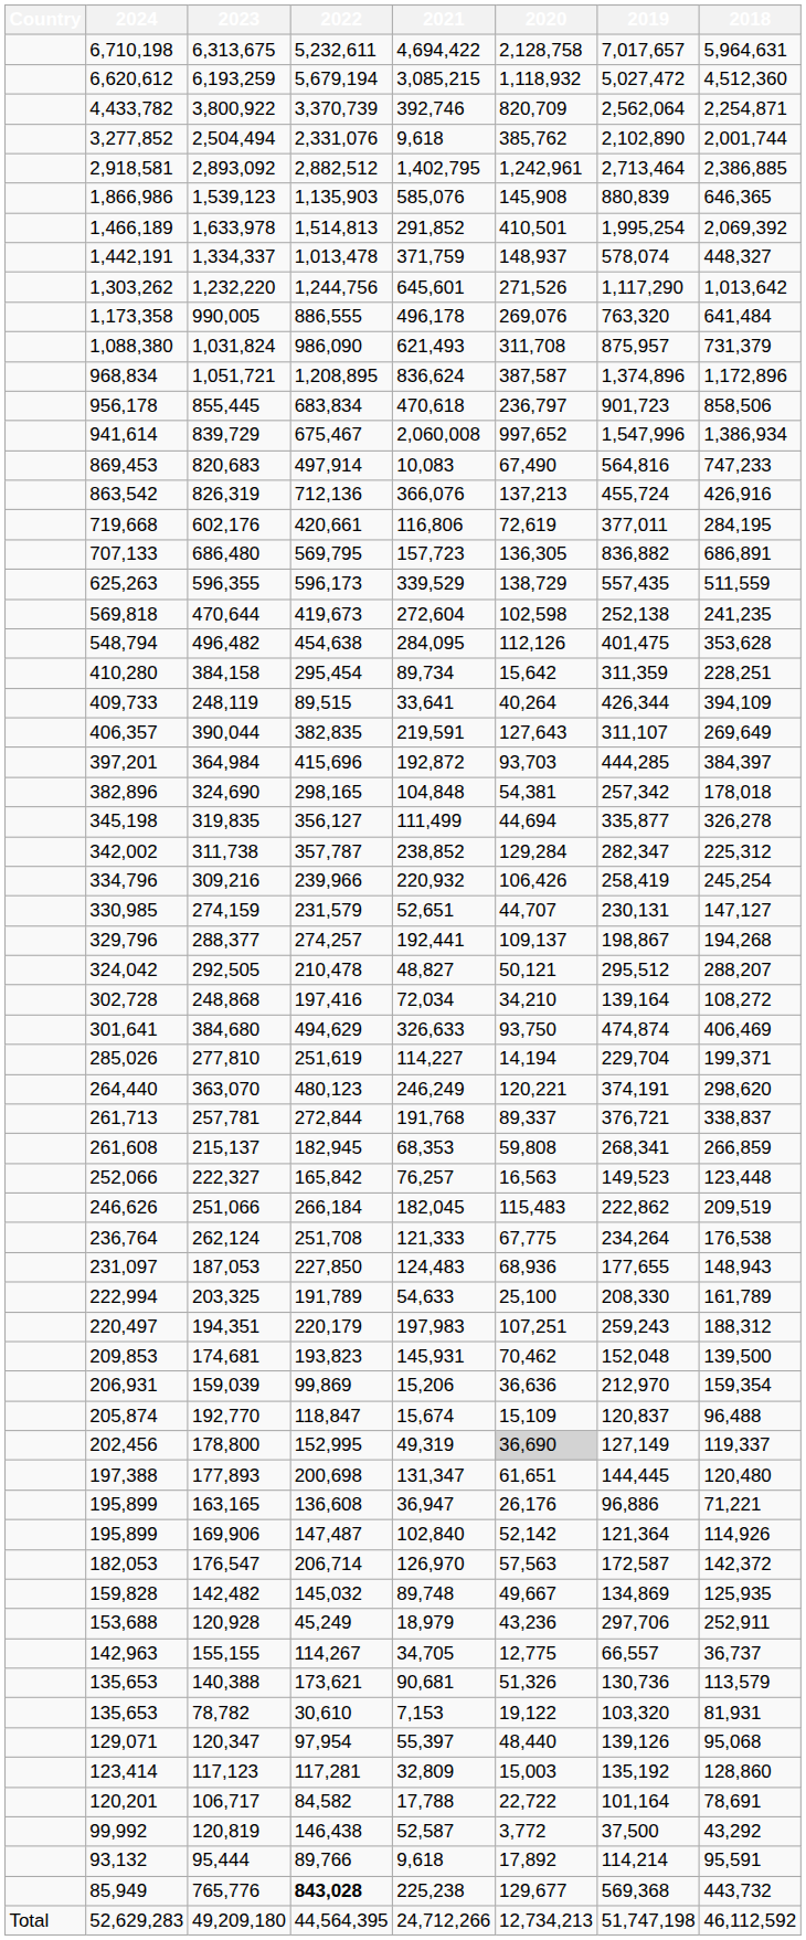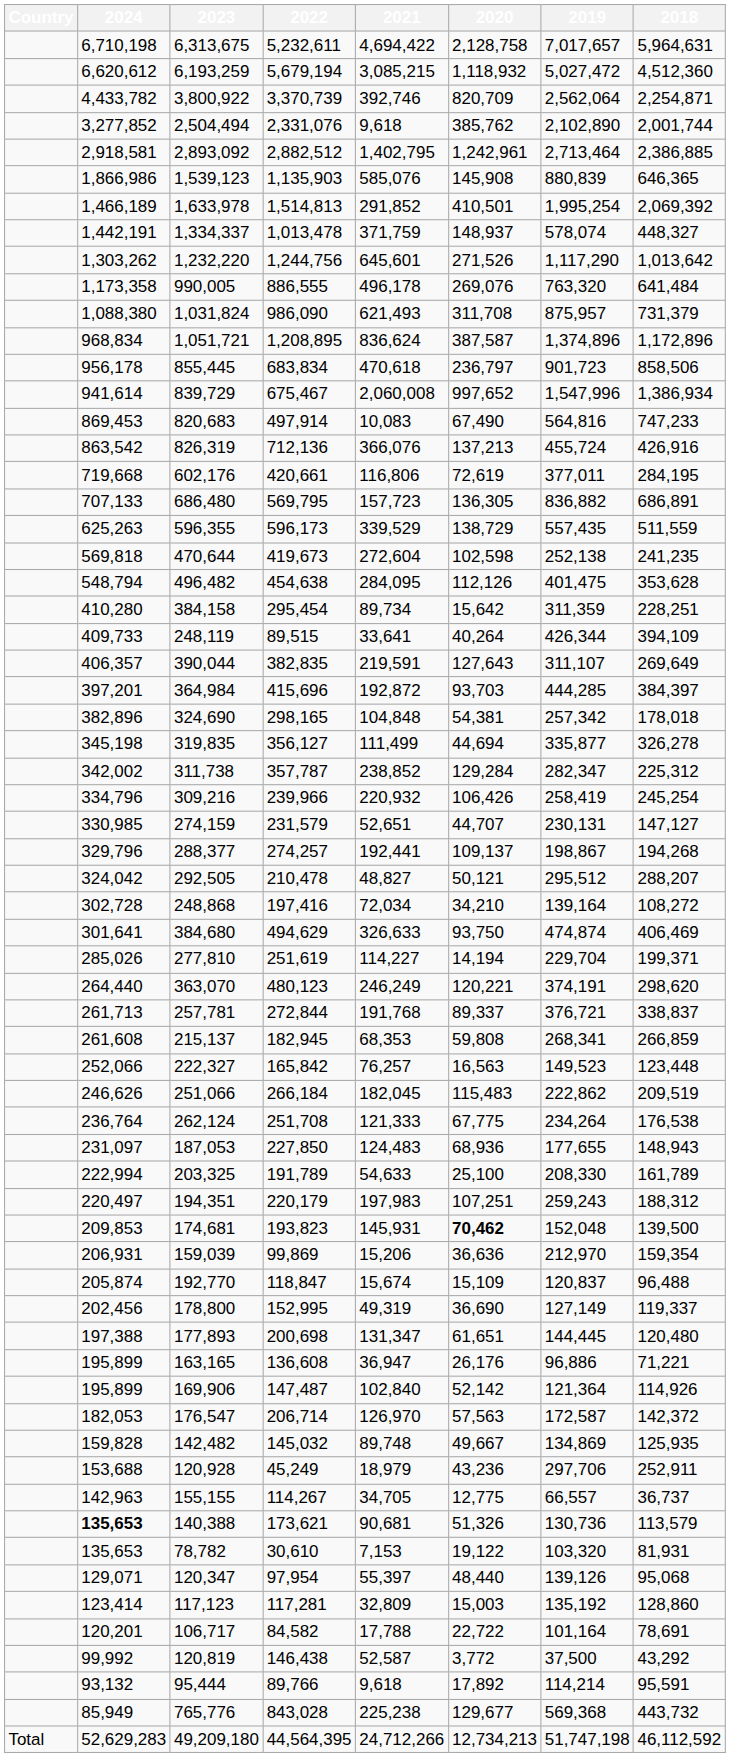 <table class="wikitable sortable">
 <tr style="color:white;">
 <th>Country</th>
 <th>2024</th>
 <th>2023</th>
 <th>2022</th>
 <th>2021</th>
 <th>2020</th>
 <th>2019</th>
 <th>2018</th>
 </tr>
 <tr>
 <td></td>
 <td>6,710,198</td>
 <td>6,313,675</td>
 <td>5,232,611</td>
 <td>4,694,422</td>
 <td>2,128,758</td>
 <td>7,017,657</td>
 <td>5,964,631</td>
 </tr>
 <tr>
 <td></td>
 <td>6,620,612</td>
 <td>6,193,259</td>
 <td>5,679,194</td>
 <td>3,085,215</td>
 <td>1,118,932</td>
 <td>5,027,472</td>
 <td>4,512,360</td>
 </tr>
 <tr>
 <td></td>
 <td>4,433,782</td>
 <td>3,800,922</td>
 <td>3,370,739</td>
 <td>392,746</td>
 <td>820,709</td>
 <td>2,562,064</td>
 <td>2,254,871</td>
 </tr>
 <tr>
 <td></td>
 <td>3,277,852</td>
 <td>2,504,494</td>
 <td>2,331,076</td>
 <td>9,618</td>
 <td>385,762</td>
 <td>2,102,890</td>
 <td>2,001,744</td>
 </tr>
 <tr>
 <td></td>
 <td>2,918,581</td>
 <td>2,893,092</td>
 <td>2,882,512</td>
 <td>1,402,795</td>
 <td>1,242,961</td>
 <td>2,713,464</td>
 <td>2,386,885</td>
 </tr>
 <tr>
 <td></td>
 <td>1,866,986</td>
 <td>1,539,123</td>
 <td>1,135,903</td>
 <td>585,076</td>
 <td>145,908</td>
 <td>880,839</td>
 <td>646,365</td>
 </tr>
 <tr>
 <td></td>
 <td>1,466,189</td>
 <td>1,633,978</td>
 <td>1,514,813</td>
 <td>291,852</td>
 <td>410,501</td>
 <td>1,995,254</td>
 <td>2,069,392</td>
 </tr>
 <tr>
 <td></td>
 <td>1,442,191</td>
 <td>1,334,337</td>
 <td>1,013,478</td>
 <td>371,759</td>
 <td>148,937</td>
 <td>578,074</td>
 <td>448,327</td>
 </tr>
 <tr>
 <td></td>
 <td>1,303,262</td>
 <td>1,232,220</td>
 <td>1,244,756</td>
 <td>645,601</td>
 <td>271,526</td>
 <td>1,117,290</td>
 <td>1,013,642</td>
 </tr>
 <tr>
 <td></td>
 <td>1,173,358</td>
 <td>990,005</td>
 <td>886,555</td>
 <td>496,178</td>
 <td>269,076</td>
 <td>763,320</td>
 <td>641,484</td>
 </tr>
 <tr>
 <td></td>
 <td>1,088,380</td>
 <td>1,031,824</td>
 <td>986,090</td>
 <td>621,493</td>
 <td>311,708</td>
 <td>875,957</td>
 <td>731,379</td>
 </tr>
 <tr>
 <td></td>
 <td>968,834</td>
 <td>1,051,721</td>
 <td>1,208,895</td>
 <td>836,624</td>
 <td>387,587</td>
 <td>1,374,896</td>
 <td>1,172,896</td>
 </tr>
 <tr>
 <td></td>
 <td>956,178</td>
 <td>855,445</td>
 <td>683,834</td>
 <td>470,618</td>
 <td>236,797</td>
 <td>901,723</td>
 <td>858,506</td>
 </tr>
 <tr>
 <td></td>
 <td>941,614</td>
 <td>839,729</td>
 <td>675,467</td>
 <td>2,060,008</td>
 <td>997,652</td>
 <td>1,547,996</td>
 <td>1,386,934</td>
 </tr>
 <tr>
 <td></td>
 <td>869,453</td>
 <td>820,683</td>
 <td>497,914</td>
 <td>10,083</td>
 <td>67,490</td>
 <td>564,816</td>
 <td>747,233</td>
 </tr>
 <tr>
 <td></td>
 <td>863,542</td>
 <td>826,319</td>
 <td>712,136</td>
 <td>366,076</td>
 <td>137,213</td>
 <td>455,724</td>
 <td>426,916</td>
 </tr>
 <tr>
 <td></td>
 <td>719,668</td>
 <td>602,176</td>
 <td>420,661</td>
 <td>116,806</td>
 <td>72,619</td>
 <td>377,011</td>
 <td>284,195</td>
 </tr>
 <tr>
 <td></td>
 <td>707,133</td>
 <td>686,480</td>
 <td>569,795</td>
 <td>157,723</td>
 <td>136,305</td>
 <td>836,882</td>
 <td>686,891</td>
 </tr>
 <tr>
 <td></td>
 <td>625,263</td>
 <td>596,355</td>
 <td>596,173</td>
 <td>339,529</td>
 <td>138,729</td>
 <td>557,435</td>
 <td>511,559</td>
 </tr>
 <tr>
 <td></td>
 <td>569,818</td>
 <td>470,644</td>
 <td>419,673</td>
 <td>272,604</td>
 <td>102,598</td>
 <td>252,138</td>
 <td>241,235</td>
 </tr>
 <tr>
 <td></td>
 <td>548,794</td>
 <td>496,482</td>
 <td>454,638</td>
 <td>284,095</td>
 <td>112,126</td>
 <td>401,475</td>
 <td>353,628</td>
 </tr>
 <tr>
 <td></td>
 <td>410,280</td>
 <td>384,158</td>
 <td>295,454</td>
 <td>89,734</td>
 <td>15,642</td>
 <td>311,359</td>
 <td>228,251</td>
 </tr>
 <tr>
 <td></td>
 <td>409,733</td>
 <td>248,119</td>
 <td>89,515</td>
 <td>33,641</td>
 <td>40,264</td>
 <td>426,344</td>
 <td>394,109</td>
 </tr>
 <tr>
 <td></td>
 <td>406,357</td>
 <td>390,044</td>
 <td>382,835</td>
 <td>219,591</td>
 <td>127,643</td>
 <td>311,107</td>
 <td>269,649</td>
 </tr>
 <tr>
 <td></td>
 <td>397,201</td>
 <td>364,984</td>
 <td>415,696</td>
 <td>192,872</td>
 <td>93,703</td>
 <td>444,285</td>
 <td>384,397</td>
 </tr>
 <tr>
 <td></td>
 <td>382,896</td>
 <td>324,690</td>
 <td>298,165</td>
 <td>104,848</td>
 <td>54,381</td>
 <td>257,342</td>
 <td>178,018</td>
 </tr>
 <tr>
 <td></td>
 <td>345,198</td>
 <td>319,835</td>
 <td>356,127</td>
 <td>111,499</td>
 <td>44,694</td>
 <td>335,877</td>
 <td>326,278</td>
 </tr>
 <tr>
 <td></td>
 <td>342,002</td>
 <td>311,738</td>
 <td>357,787</td>
 <td>238,852</td>
 <td>129,284</td>
 <td>282,347</td>
 <td>225,312</td>
 </tr>
 <tr>
 <td></td>
 <td>334,796</td>
 <td>309,216</td>
 <td>239,966</td>
 <td>220,932</td>
 <td>106,426</td>
 <td>258,419</td>
 <td>245,254</td>
 </tr>
 <tr>
 <td></td>
 <td>330,985</td>
 <td>274,159</td>
 <td>231,579</td>
 <td>52,651</td>
 <td>44,707</td>
 <td>230,131</td>
 <td>147,127</td>
 </tr>
 <tr>
 <td></td>
 <td>329,796</td>
 <td>288,377</td>
 <td>274,257</td>
 <td>192,441</td>
 <td>109,137</td>
 <td>198,867</td>
 <td>194,268</td>
 </tr>
 <tr>
 <td></td>
 <td>324,042</td>
 <td>292,505</td>
 <td>210,478</td>
 <td>48,827</td>
 <td>50,121</td>
 <td>295,512</td>
 <td>288,207</td>
 </tr>
 <tr>
 <td></td>
 <td>302,728</td>
 <td>248,868</td>
 <td>197,416</td>
 <td>72,034</td>
 <td>34,210</td>
 <td>139,164</td>
 <td>108,272</td>
 </tr>
 <tr>
 <td></td>
 <td>301,641</td>
 <td>384,680</td>
 <td>494,629</td>
 <td>326,633</td>
 <td>93,750</td>
 <td>474,874</td>
 <td>406,469</td>
 </tr>
 <tr>
 <td></td>
 <td>285,026</td>
 <td>277,810</td>
 <td>251,619</td>
 <td>114,227</td>
 <td>14,194</td>
 <td>229,704</td>
 <td>199,371</td>
 </tr>
 <tr>
 <td></td>
 <td>264,440</td>
 <td>363,070</td>
 <td>480,123</td>
 <td>246,249</td>
 <td>120,221</td>
 <td>374,191</td>
 <td>298,620</td>
 </tr>
 <tr>
 <td></td>
 <td>261,713</td>
 <td>257,781</td>
 <td>272,844</td>
 <td>191,768</td>
 <td>89,337</td>
 <td>376,721</td>
 <td>338,837</td>
 </tr>
 <tr>
 <td></td>
 <td>261,608</td>
 <td>215,137</td>
 <td>182,945</td>
 <td>68,353</td>
 <td>59,808</td>
 <td>268,341</td>
 <td>266,859</td>
 </tr>
 <tr>
 <td></td>
 <td>252,066</td>
 <td>222,327</td>
 <td>165,842</td>
 <td>76,257</td>
 <td>16,563</td>
 <td>149,523</td>
 <td>123,448</td>
 </tr>
 <tr>
 <td></td>
 <td>246,626</td>
 <td>251,066</td>
 <td>266,184</td>
 <td>182,045</td>
 <td>115,483</td>
 <td>222,862</td>
 <td>209,519</td>
 </tr>
 <tr>
 <td></td>
 <td>236,764</td>
 <td>262,124</td>
 <td>251,708</td>
 <td>121,333</td>
 <td>67,775</td>
 <td>234,264</td>
 <td>176,538</td>
 </tr>
 <tr>
 <td></td>
 <td>231,097</td>
 <td>187,053</td>
 <td>227,850</td>
 <td>124,483</td>
 <td>68,936</td>
 <td>177,655</td>
 <td>148,943</td>
 </tr>
 <tr>
 <td></td>
 <td>222,994</td>
 <td>203,325</td>
 <td>191,789</td>
 <td>54,633</td>
 <td>25,100</td>
 <td>208,330</td>
 <td>161,789</td>
 </tr>
 <tr>
 <td></td>
 <td>220,497</td>
 <td>194,351</td>
 <td>220,179</td>
 <td>197,983</td>
 <td>107,251</td>
 <td>259,243</td>
 <td>188,312</td>
 </tr>
 <tr>
 <td></td>
 <td>209,853</td>
 <td>174,681</td>
 <td>193,823</td>
 <td>145,931</td>
-<td>70,462</td>
+<td><strong>70,462</strong></td>
 <td>152,048</td>
 <td>139,500</td>
 </tr>
 <tr>
 <td></td>
 <td>206,931</td>
 <td>159,039</td>
 <td>99,869</td>
 <td>15,206</td>
 <td>36,636</td>
 <td>212,970</td>
 <td>159,354</td>
 </tr>
 <tr>
 <td></td>
 <td>205,874</td>
 <td>192,770</td>
 <td>118,847</td>
 <td>15,674</td>
 <td>15,109</td>
 <td>120,837</td>
 <td>96,488</td>
 </tr>
 <tr>
 <td></td>
 <td>202,456</td>
 <td>178,800</td>
 <td>152,995</td>
 <td>49,319</td>
-<td style="background: lightgrey;">36,690</td>
+<td>36,690</td>
 <td>127,149</td>
 <td>119,337</td>
 </tr>
 <tr>
 <td></td>
 <td>197,388</td>
 <td>177,893</td>
 <td>200,698</td>
 <td>131,347</td>
 <td>61,651</td>
 <td>144,445</td>
 <td>120,480</td>
 </tr>
 <tr>
 <td></td>
 <td>195,899</td>
 <td>163,165</td>
 <td>136,608</td>
 <td>36,947</td>
 <td>26,176</td>
 <td>96,886</td>
 <td>71,221</td>
 </tr>
 <tr>
 <td></td>
 <td>195,899</td>
 <td>169,906</td>
 <td>147,487</td>
 <td>102,840</td>
 <td>52,142</td>
 <td>121,364</td>
 <td>114,926</td>
 </tr>
 <tr>
 <td></td>
 <td>182,053</td>
 <td>176,547</td>
 <td>206,714</td>
 <td>126,970</td>
 <td>57,563</td>
 <td>172,587</td>
 <td>142,372</td>
 </tr>
 <tr>
 <td></td>
 <td>159,828</td>
 <td>142,482</td>
 <td>145,032</td>
 <td>89,748</td>
 <td>49,667</td>
 <td>134,869</td>
 <td>125,935</td>
 </tr>
 <tr>
 <td></td>
 <td>153,688</td>
 <td>120,928</td>
 <td>45,249</td>
 <td>18,979</td>
 <td>43,236</td>
 <td>297,706</td>
 <td>252,911</td>
 </tr>
 <tr>
 <td></td>
 <td>142,963</td>
 <td>155,155</td>
 <td>114,267</td>
 <td>34,705</td>
 <td>12,775</td>
 <td>66,557</td>
 <td>36,737</td>
 </tr>
 <tr>
 <td></td>
-<td>135,653</td>
+<td><strong>135,653</strong></td>
 <td>140,388</td>
 <td>173,621</td>
 <td>90,681</td>
 <td>51,326</td>
 <td>130,736</td>
 <td>113,579</td>
 </tr>
 <tr>
 <td></td>
 <td>135,653</td>
 <td>78,782</td>
 <td>30,610</td>
 <td>7,153</td>
 <td>19,122</td>
 <td>103,320</td>
 <td>81,931</td>
 </tr>
 <tr>
 <td></td>
 <td>129,071</td>
 <td>120,347</td>
 <td>97,954</td>
 <td>55,397</td>
 <td>48,440</td>
 <td>139,126</td>
 <td>95,068</td>
 </tr>
 <tr>
 <td></td>
 <td>123,414</td>
 <td>117,123</td>
 <td>117,281</td>
 <td>32,809</td>
 <td>15,003</td>
 <td>135,192</td>
 <td>128,860</td>
 </tr>
 <tr>
 <td></td>
 <td>120,201</td>
 <td>106,717</td>
 <td>84,582</td>
 <td>17,788</td>
 <td>22,722</td>
 <td>101,164</td>
 <td>78,691</td>
 </tr>
 <tr>
 <td></td>
 <td>99,992</td>
 <td>120,819</td>
 <td>146,438</td>
 <td>52,587</td>
 <td>3,772</td>
 <td>37,500</td>
 <td>43,292</td>
 </tr>
 <tr>
 <td></td>
 <td>93,132</td>
 <td>95,444</td>
 <td>89,766</td>
 <td>9,618</td>
 <td>17,892</td>
 <td>114,214</td>
 <td>95,591</td>
 </tr>
 <tr>
 <td></td>
 <td>85,949</td>
 <td>765,776</td>
-<td><strong>843,028</strong></td>
+<td>843,028</td>
 <td>225,238</td>
 <td>129,677</td>
 <td>569,368</td>
 <td>443,732</td>
 </tr>
 <tr>
 <td>Total</td>
 <td>52,629,283</td>
 <td>49,209,180</td>
 <td>44,564,395</td>
 <td>24,712,266</td>
 <td>12,734,213</td>
 <td>51,747,198</td>
 <td>46,112,592</td>
 </tr>
 </table>
